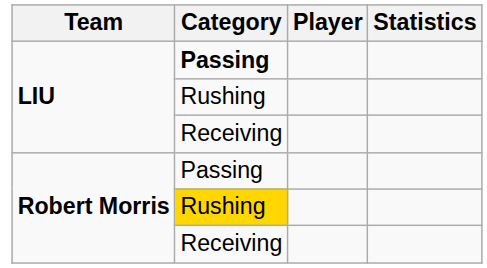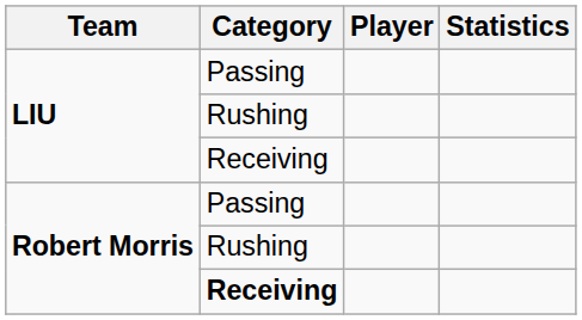 <table class="wikitable" style="float: right;">
 <tr>
 <th>Team</th>
 <th>Category</th>
 <th>Player</th>
 <th>Statistics</th>
 </tr>
 <tr>
 <td rowspan=3><strong>LIU</strong></td>
-<td><strong>Passing</strong></td>
+<td>Passing</td>
 <td></td>
 <td></td>
 </tr>
 <tr>
 <td>Rushing</td>
 <td></td>
 <td></td>
 </tr>
 <tr>
 <td>Receiving</td>
 <td></td>
 <td></td>
 </tr>
 <tr>
 <td rowspan=3><strong>Robert Morris</strong></td>
 <td>Passing</td>
 <td></td>
 <td></td>
 </tr>
 <tr>
-<td style="background: gold;">Rushing</td>
+<td>Rushing</td>
 <td></td>
 <td></td>
 </tr>
 <tr>
-<td>Receiving</td>
+<td><strong>Receiving</strong></td>
 <td></td>
 <td></td>
 </tr>
 </table>
